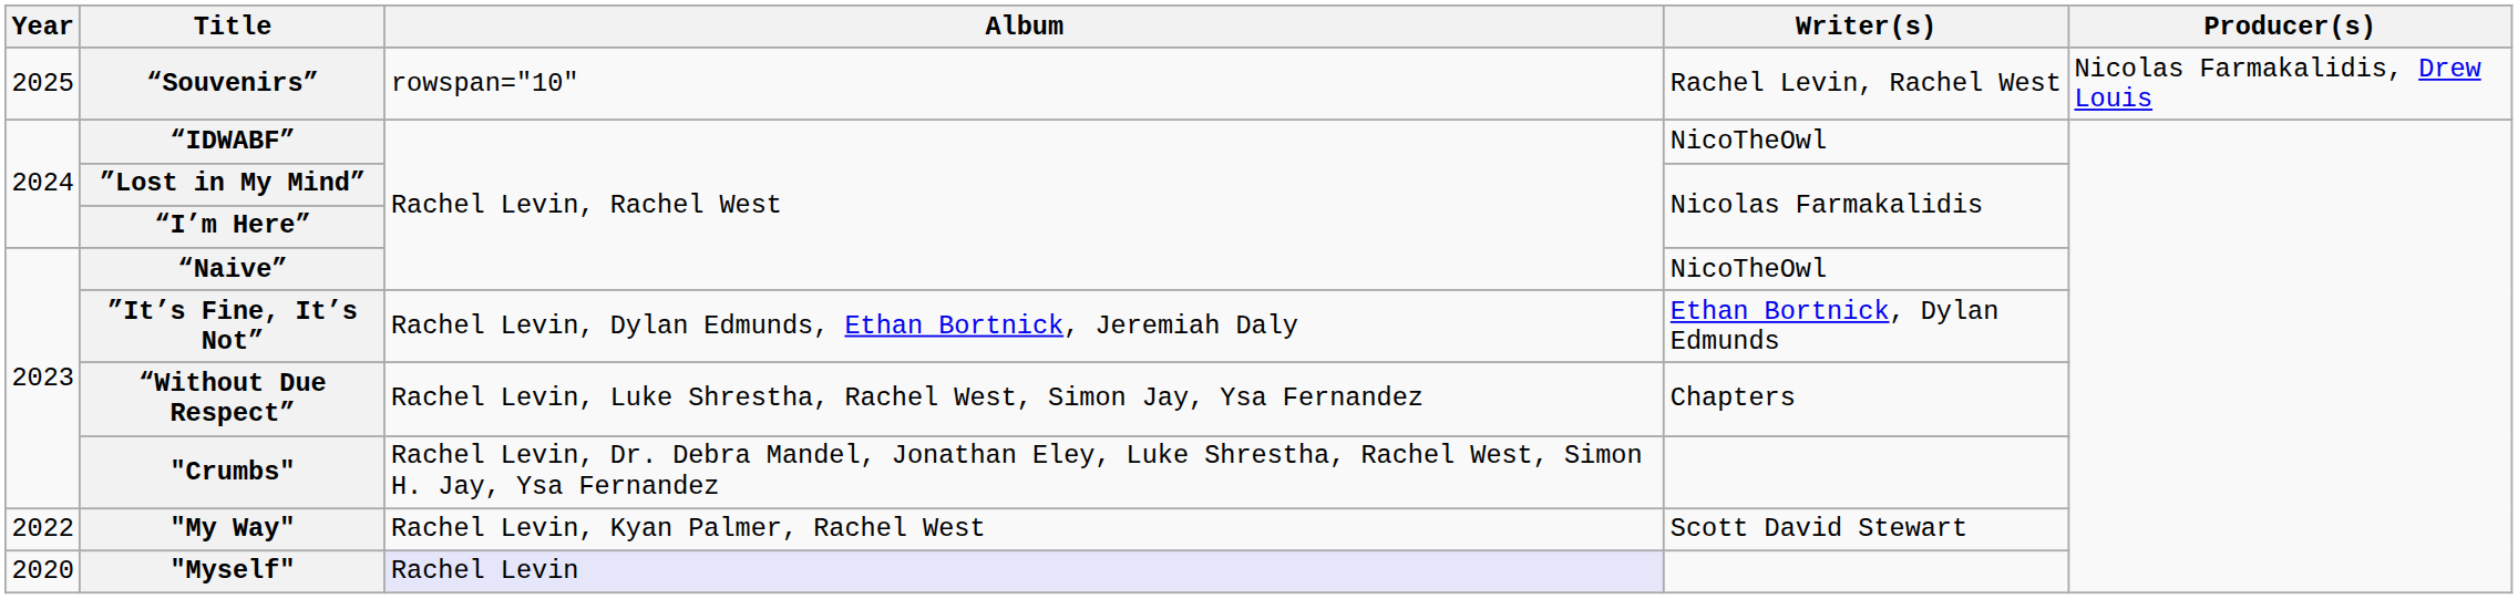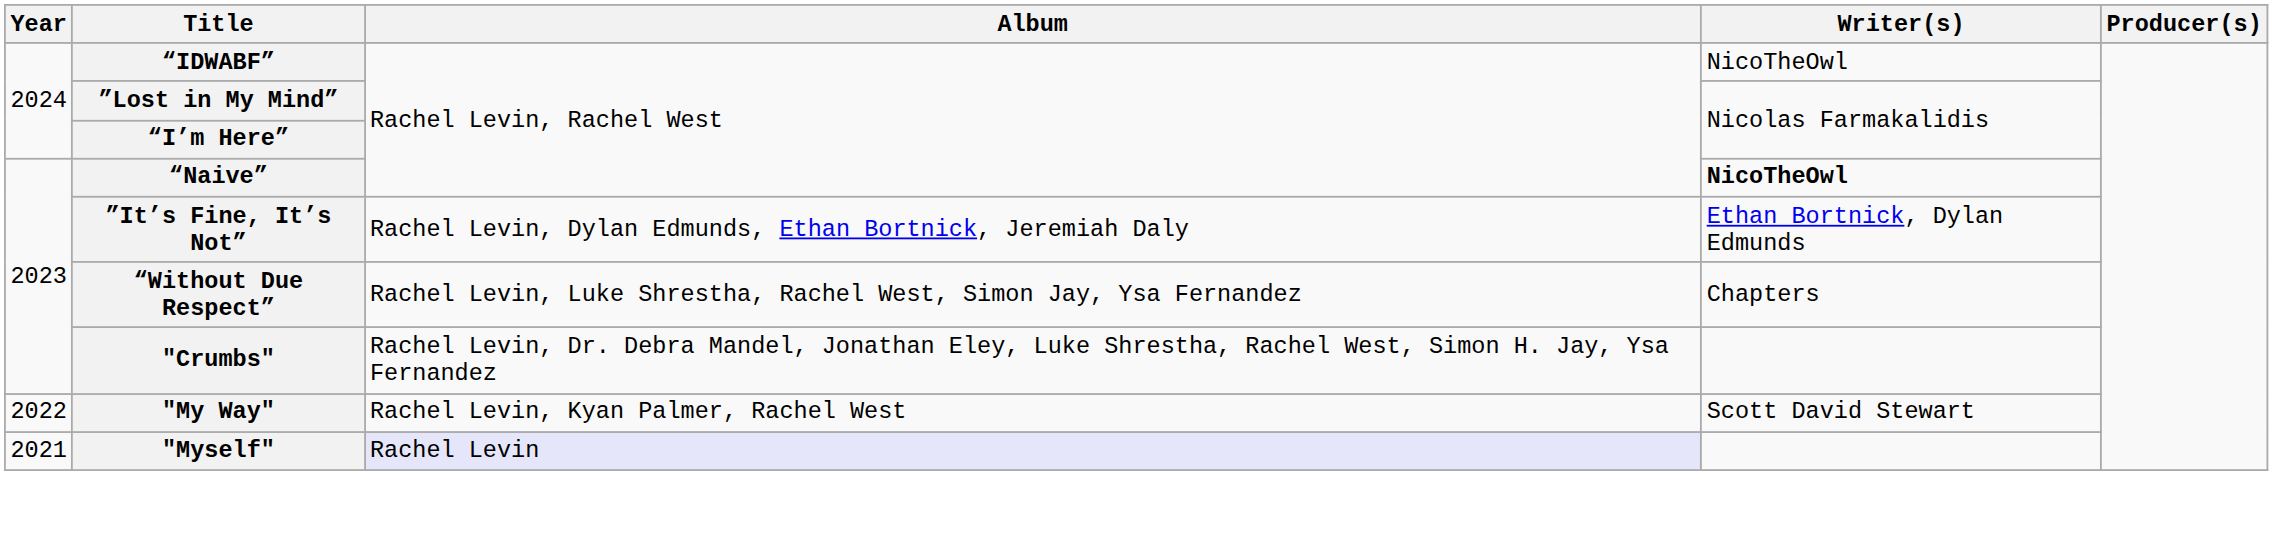 <table class="wikitable plainrowheaders" style="text-align:left;">
 <tr>
 <th scope="col">Year</th>
 <th scope="col">Title</th>
 <th scope="col">Album</th>
 <th scope="col">Writer(s)</th>
 <th scope="col">Producer(s)</th>
-</tr>
-<tr>
-<td>2025</td>
-<th scope="row">“Souvenirs”</th>
-<td>rowspan="10" </td>
-<td>Rachel Levin, Rachel West</td>
-<td>Nicolas Farmakalidis,  <a href='#'>Drew Louis</a></td>
 </tr>
 <tr>
 <td rowspan="3">2024</td>
 <th scope="row">“IDWABF”</th>
 <td rowspan="4">Rachel Levin, Rachel West</td>
 <td>NicoTheOwl</td>
 </tr>
 <tr>
 <th scope="row">”Lost in My Mind”</th>
 <td rowspan="2">Nicolas Farmakalidis</td>
 </tr>
 <tr>
 <th scope="row">“I’m Here”</th>
 </tr>
 <tr>
 <td rowspan="4">2023</td>
 <th scope="row">“Naive”</th>
-<td>NicoTheOwl</td>
+<td><strong>NicoTheOwl</strong></td>
 </tr>
 <tr>
 <th scope="row">”It’s Fine, It’s Not”</th>
 <td>Rachel Levin, Dylan Edmunds, <a href='#'>Ethan Bortnick</a>, Jeremiah Daly</td>
 <td><a href='#'>Ethan Bortnick</a>, Dylan Edmunds</td>
 </tr>
 <tr>
 <th scope="row">“Without Due Respect”</th>
 <td>Rachel Levin, Luke Shrestha, Rachel West, Simon Jay, Ysa Fernandez</td>
 <td>Chapters</td>
 </tr>
 <tr>
 <th scope="row">"Crumbs"</th>
 <td rowspan="1">Rachel Levin, Dr. Debra Mandel, Jonathan Eley, Luke Shrestha, Rachel West, Simon H. Jay, Ysa Fernandez</td>
 <td></td>
 </tr>
 <tr>
 <td>2022</td>
 <th scope="row">"My Way"</th>
 <td>Rachel Levin, Kyan Palmer, Rachel West</td>
 <td>Scott David Stewart</td>
 </tr>
 <tr>
-<td>2020</td>
+<td>2021</td>
 <th scope="row">"Myself"</th>
 <td style="background: lavender;">Rachel Levin</td>
 <td></td>
 </tr>
 </table>
